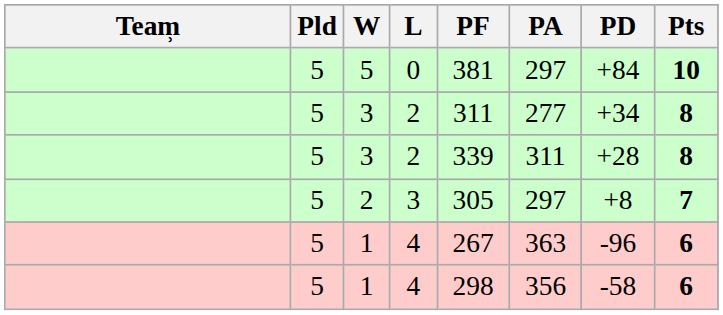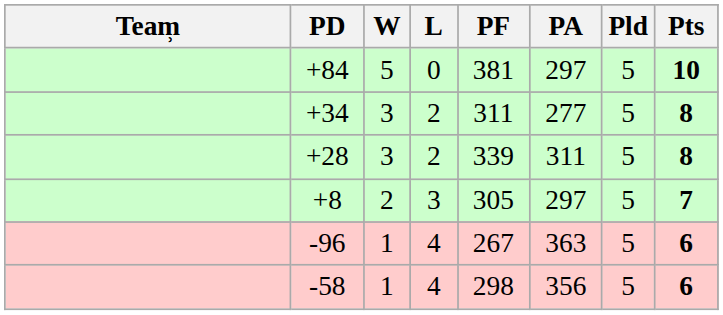 <table class=wikitable style="text-align:center">
 <tr>
 <th width=160>Team̹̹</th>
-<th width=20>Pld</th>
+<th width=35>PD</th>
 <th width=20>W</th>
 <th width=20>L</th>
 <th width=35>PF</th>
 <th width=35>PA</th>
-<th width=35>PD</th>
+<th width=20>Pld</th>
 <th width=30>Pts</th>
 </tr>
 <tr bgcolor=#ccffcc>
 <td align=left></td>
-<td>5</td>
+<td>+84</td>
 <td>5</td>
 <td>0</td>
 <td>381</td>
 <td>297</td>
-<td>+84</td>
+<td>5</td>
 <td><strong>10</strong></td>
 </tr>
 <tr bgcolor=#ccffcc>
 <td align=left></td>
-<td>5</td>
+<td>+34</td>
 <td>3</td>
 <td>2</td>
 <td>311</td>
 <td>277</td>
-<td>+34</td>
+<td>5</td>
 <td><strong>8</strong></td>
 </tr>
 <tr bgcolor=#ccffcc>
 <td align=left></td>
-<td>5</td>
+<td>+28</td>
 <td>3</td>
 <td>2</td>
 <td>339</td>
 <td>311</td>
-<td>+28</td>
+<td>5</td>
 <td><strong>8</strong></td>
 </tr>
 <tr bgcolor=#ccffcc>
 <td align=left></td>
-<td>5</td>
+<td>+8</td>
 <td>2</td>
 <td>3</td>
 <td>305</td>
 <td>297</td>
-<td>+8</td>
+<td>5</td>
 <td><strong>7</strong></td>
 </tr>
 <tr bgcolor=#ffcccc>
 <td align=left></td>
-<td>5</td>
+<td>-96</td>
 <td>1</td>
 <td>4</td>
 <td>267</td>
 <td>363</td>
-<td>-96</td>
+<td>5</td>
 <td><strong>6</strong></td>
 </tr>
 <tr bgcolor=#ffcccc>
 <td align=left></td>
-<td>5</td>
+<td>-58</td>
 <td>1</td>
 <td>4</td>
 <td>298</td>
 <td>356</td>
-<td>-58</td>
+<td>5</td>
 <td><strong>6</strong></td>
 </tr>
 </table>
